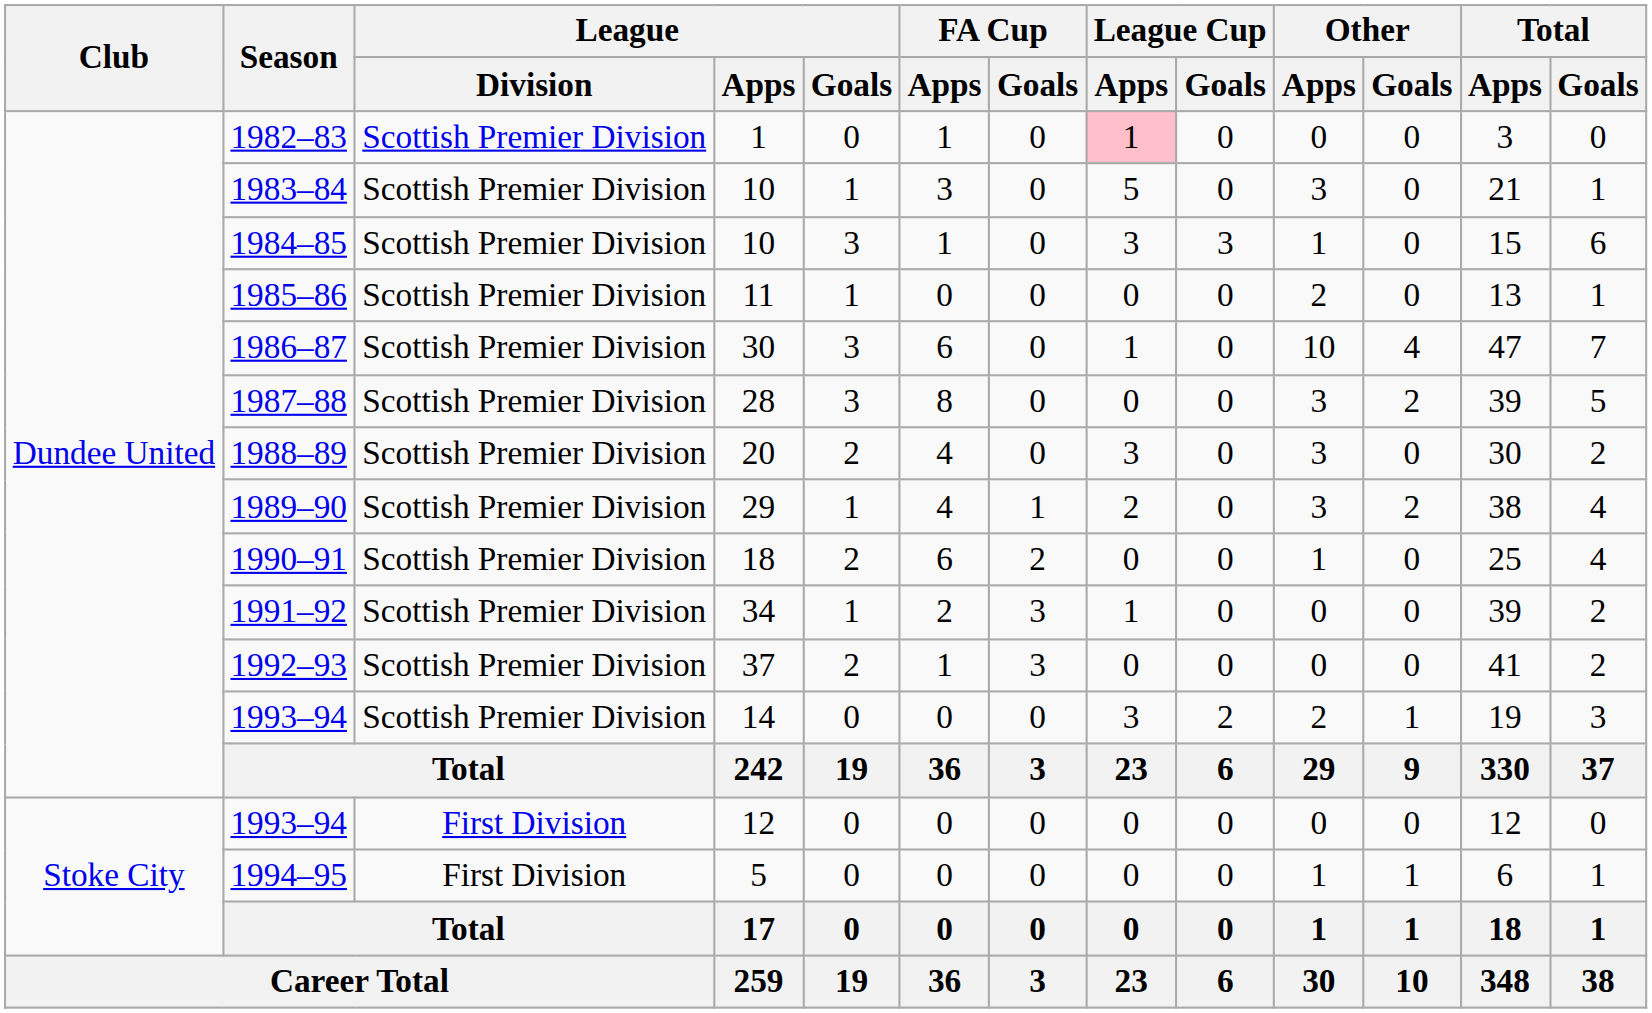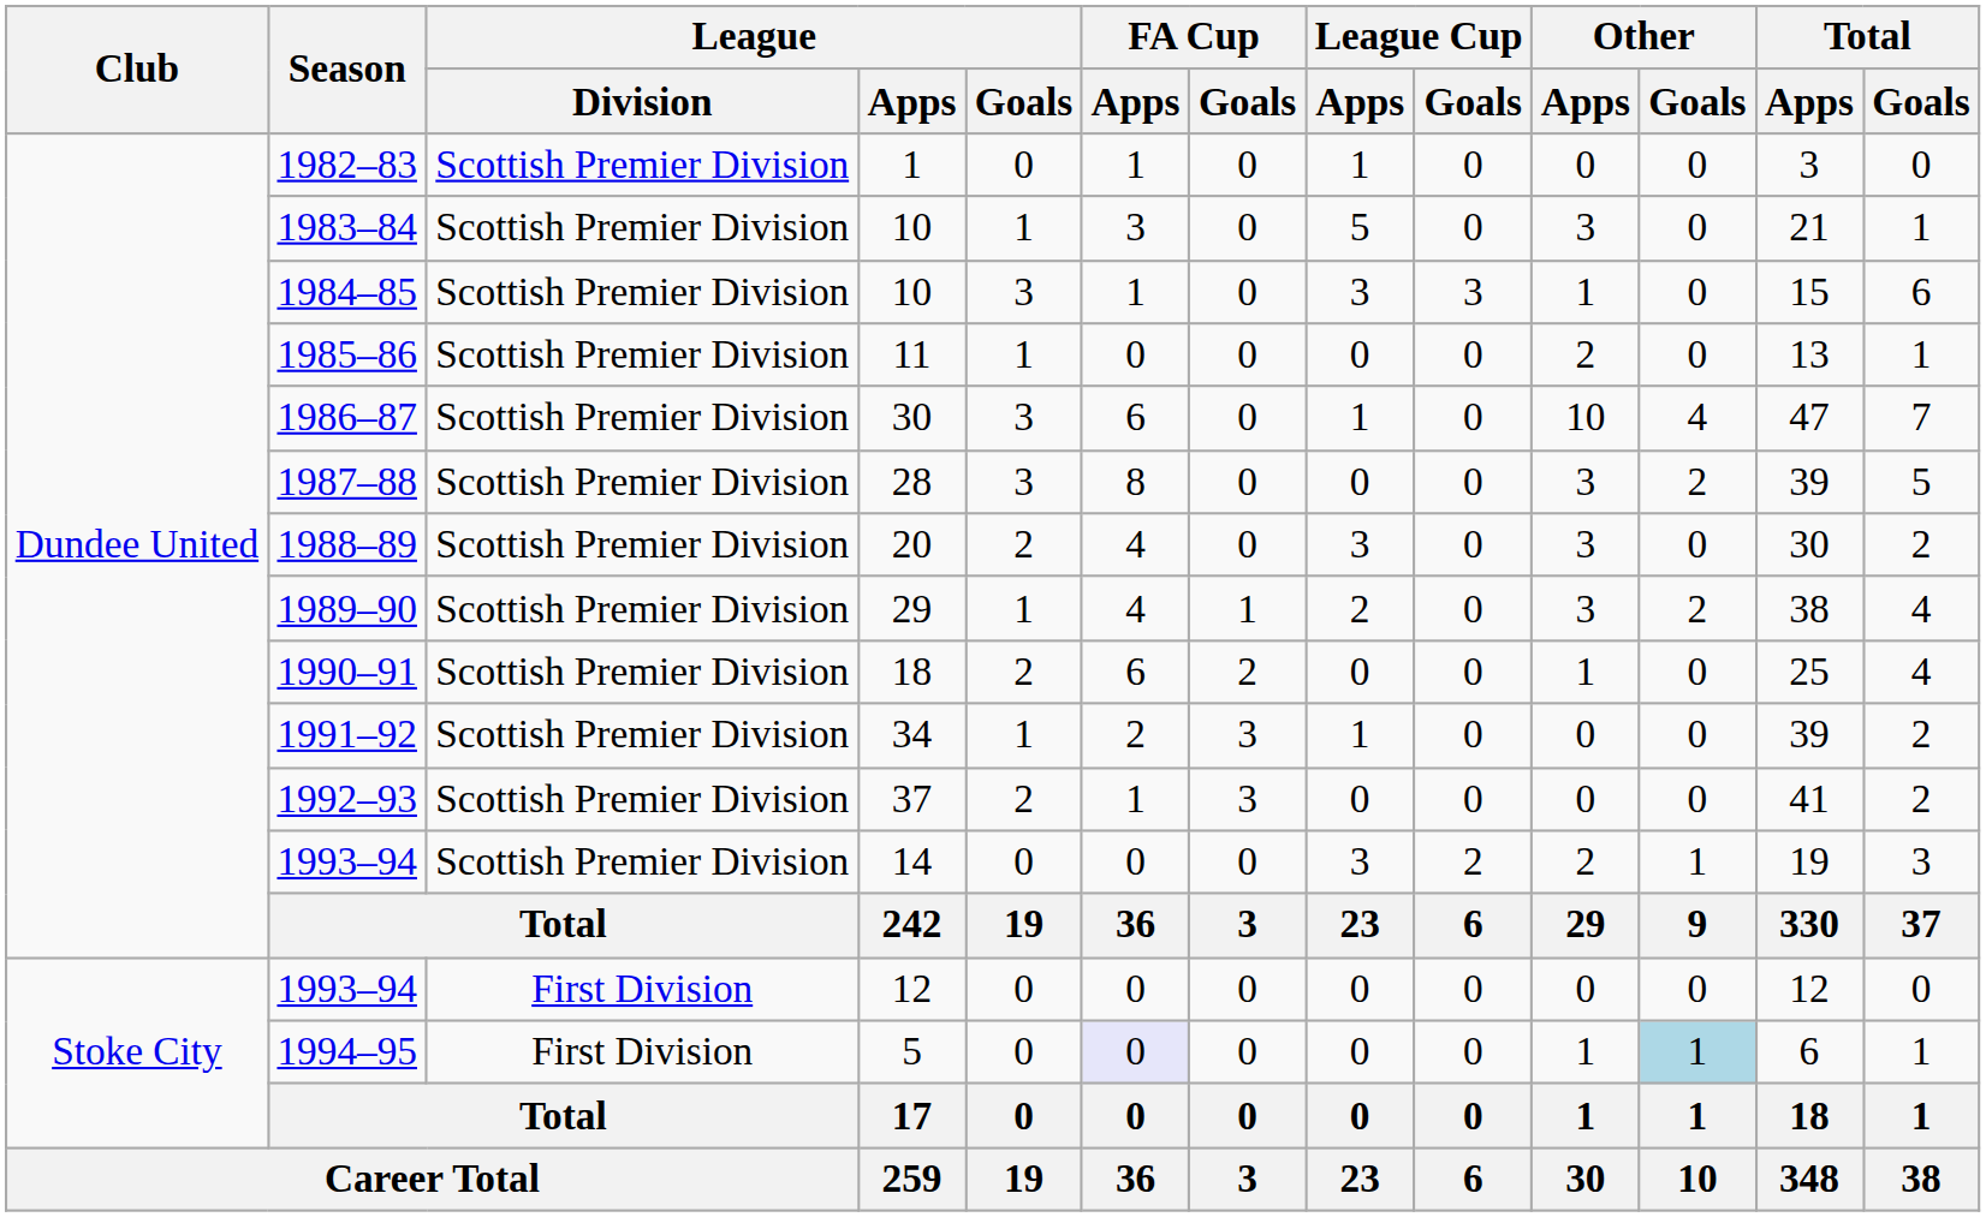 <table class="wikitable" style="text-align: center;">
 <tr>
 <th rowspan="2">Club</th>
 <th rowspan="2">Season</th>
 <th colspan="3">League</th>
 <th colspan="2">FA Cup</th>
 <th colspan="2">League Cup</th>
 <th colspan="2">Other</th>
 <th colspan="2">Total</th>
 </tr>
 <tr>
 <th>Division</th>
 <th>Apps</th>
 <th>Goals</th>
 <th>Apps</th>
 <th>Goals</th>
 <th>Apps</th>
 <th>Goals</th>
 <th>Apps</th>
 <th>Goals</th>
 <th>Apps</th>
 <th>Goals</th>
 </tr>
 <tr>
 <td rowspan="13"><a href='#'>Dundee United</a></td>
 <td><a href='#'>1982–83</a></td>
 <td><a href='#'>Scottish Premier Division</a></td>
 <td>1</td>
 <td>0</td>
 <td>1</td>
 <td>0</td>
-<td style="background: pink;">1</td>
+<td>1</td>
 <td>0</td>
 <td>0</td>
 <td>0</td>
 <td>3</td>
 <td>0</td>
 </tr>
 <tr>
 <td><a href='#'>1983–84</a></td>
 <td>Scottish Premier Division</td>
 <td>10</td>
 <td>1</td>
 <td>3</td>
 <td>0</td>
 <td>5</td>
 <td>0</td>
 <td>3</td>
 <td>0</td>
 <td>21</td>
 <td>1</td>
 </tr>
 <tr>
 <td><a href='#'>1984–85</a></td>
 <td>Scottish Premier Division</td>
 <td>10</td>
 <td>3</td>
 <td>1</td>
 <td>0</td>
 <td>3</td>
 <td>3</td>
 <td>1</td>
 <td>0</td>
 <td>15</td>
 <td>6</td>
 </tr>
 <tr>
 <td><a href='#'>1985–86</a></td>
 <td>Scottish Premier Division</td>
 <td>11</td>
 <td>1</td>
 <td>0</td>
 <td>0</td>
 <td>0</td>
 <td>0</td>
 <td>2</td>
 <td>0</td>
 <td>13</td>
 <td>1</td>
 </tr>
 <tr>
 <td><a href='#'>1986–87</a></td>
 <td>Scottish Premier Division</td>
 <td>30</td>
 <td>3</td>
 <td>6</td>
 <td>0</td>
 <td>1</td>
 <td>0</td>
 <td>10</td>
 <td>4</td>
 <td>47</td>
 <td>7</td>
 </tr>
 <tr>
 <td><a href='#'>1987–88</a></td>
 <td>Scottish Premier Division</td>
 <td>28</td>
 <td>3</td>
 <td>8</td>
 <td>0</td>
 <td>0</td>
 <td>0</td>
 <td>3</td>
 <td>2</td>
 <td>39</td>
 <td>5</td>
 </tr>
 <tr>
 <td><a href='#'>1988–89</a></td>
 <td>Scottish Premier Division</td>
 <td>20</td>
 <td>2</td>
 <td>4</td>
 <td>0</td>
 <td>3</td>
 <td>0</td>
 <td>3</td>
 <td>0</td>
 <td>30</td>
 <td>2</td>
 </tr>
 <tr>
 <td><a href='#'>1989–90</a></td>
 <td>Scottish Premier Division</td>
 <td>29</td>
 <td>1</td>
 <td>4</td>
 <td>1</td>
 <td>2</td>
 <td>0</td>
 <td>3</td>
 <td>2</td>
 <td>38</td>
 <td>4</td>
 </tr>
 <tr>
 <td><a href='#'>1990–91</a></td>
 <td>Scottish Premier Division</td>
 <td>18</td>
 <td>2</td>
 <td>6</td>
 <td>2</td>
 <td>0</td>
 <td>0</td>
 <td>1</td>
 <td>0</td>
 <td>25</td>
 <td>4</td>
 </tr>
 <tr>
 <td><a href='#'>1991–92</a></td>
 <td>Scottish Premier Division</td>
 <td>34</td>
 <td>1</td>
 <td>2</td>
 <td>3</td>
 <td>1</td>
 <td>0</td>
 <td>0</td>
 <td>0</td>
 <td>39</td>
 <td>2</td>
 </tr>
 <tr>
 <td><a href='#'>1992–93</a></td>
 <td>Scottish Premier Division</td>
 <td>37</td>
 <td>2</td>
 <td>1</td>
 <td>3</td>
 <td>0</td>
 <td>0</td>
 <td>0</td>
 <td>0</td>
 <td>41</td>
 <td>2</td>
 </tr>
 <tr>
 <td><a href='#'>1993–94</a></td>
 <td>Scottish Premier Division</td>
 <td>14</td>
 <td>0</td>
 <td>0</td>
 <td>0</td>
 <td>3</td>
 <td>2</td>
 <td>2</td>
 <td>1</td>
 <td>19</td>
 <td>3</td>
 </tr>
 <tr>
 <th colspan="2">Total</th>
 <th>242</th>
 <th>19</th>
 <th>36</th>
 <th>3</th>
 <th>23</th>
 <th>6</th>
 <th>29</th>
 <th>9</th>
 <th>330</th>
 <th>37</th>
 </tr>
 <tr>
 <td rowspan="3"><a href='#'>Stoke City</a></td>
 <td><a href='#'>1993–94</a></td>
 <td><a href='#'>First Division</a></td>
 <td>12</td>
 <td>0</td>
 <td>0</td>
 <td>0</td>
 <td>0</td>
 <td>0</td>
 <td>0</td>
 <td>0</td>
 <td>12</td>
 <td>0</td>
 </tr>
 <tr>
 <td><a href='#'>1994–95</a></td>
 <td>First Division</td>
 <td>5</td>
 <td>0</td>
-<td>0</td>
+<td style="background: lavender;">0</td>
 <td>0</td>
 <td>0</td>
 <td>0</td>
 <td>1</td>
-<td>1</td>
+<td style="background: lightblue;">1</td>
 <td>6</td>
 <td>1</td>
 </tr>
 <tr>
 <th colspan="2">Total</th>
 <th>17</th>
 <th>0</th>
 <th>0</th>
 <th>0</th>
 <th>0</th>
 <th>0</th>
 <th>1</th>
 <th>1</th>
 <th>18</th>
 <th>1</th>
 </tr>
 <tr>
 <th colspan="3">Career Total</th>
 <th>259</th>
 <th>19</th>
 <th>36</th>
 <th>3</th>
 <th>23</th>
 <th>6</th>
 <th>30</th>
 <th>10</th>
 <th>348</th>
 <th>38</th>
 </tr>
 </table>
